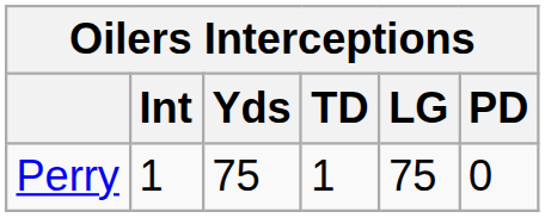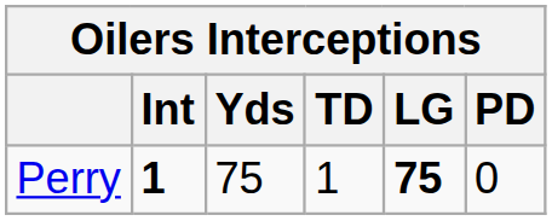 <table class="wikitable">
 <tr>
 <th colspan="6">Oilers Interceptions</th>
 </tr>
 <tr>
 <th></th>
 <th>Int</th>
 <th>Yds</th>
 <th>TD</th>
 <th>LG</th>
 <th>PD</th>
 </tr>
 <tr>
 <td><a href='#'>Perry</a></td>
-<td>1</td>
+<td><strong>1</strong></td>
 <td>75</td>
 <td>1</td>
-<td>75</td>
+<td><strong>75</strong></td>
 <td>0</td>
 </tr>
 </table>
